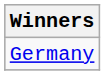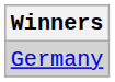 <table class=wikitable style="text-align:center; margin:auto">
 <tr>
 <th>Winners</th>
 </tr>
 <tr>
-<td> <a href='#'>Germany</a></td>
+<td style="background: lightgrey;"> <a href='#'>Germany</a></td>
 </tr>
 </table>
